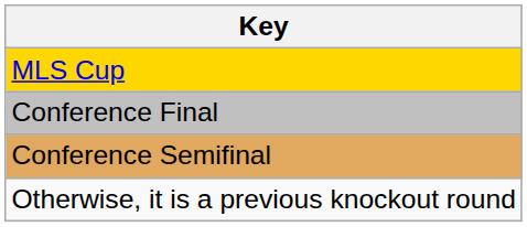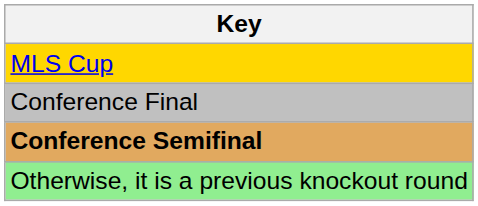 <table class="wikitable">
 <tr>
 <th colspan=2>Key</th>
 </tr>
 <tr>
 <td style="background: gold"><a href='#'>MLS Cup</a></td>
 </tr>
 <tr>
 <td style="background: silver">Conference Final</td>
 </tr>
 <tr>
-<td style="background: #E1A95F">Conference Semifinal</td>
+<td style="background: #E1A95F"><strong>Conference Semifinal</strong></td>
 </tr>
 <tr>
-<td>Otherwise, it is a previous knockout round</td>
+<td style="background: lightgreen;">Otherwise, it is a previous knockout round</td>
 </tr>
 </table>
